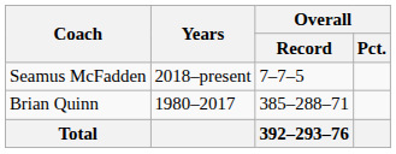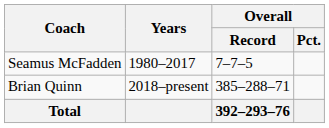 <table class="wikitable">
 <tr>
 <th rowspan=2>Coach</th>
 <th rowspan=2>Years</th>
 <th colspan=2>Overall</th>
 </tr>
 <tr>
 <th>Record</th>
 <th>Pct.</th>
 </tr>
 <tr>
 <td>Seamus McFadden</td>
-<td>2018–present</td>
+<td>1980–2017</td>
 <td>7–7–5</td>
 <td></td>
 </tr>
 <tr>
 <td>Brian Quinn</td>
-<td>1980–2017</td>
+<td>2018–present</td>
 <td>385–288–71</td>
 <td></td>
 </tr>
 <tr>
 <th>Total</th>
 <th></th>
 <th>392–293–76</th>
 <th></th>
 </tr>
 </table>
